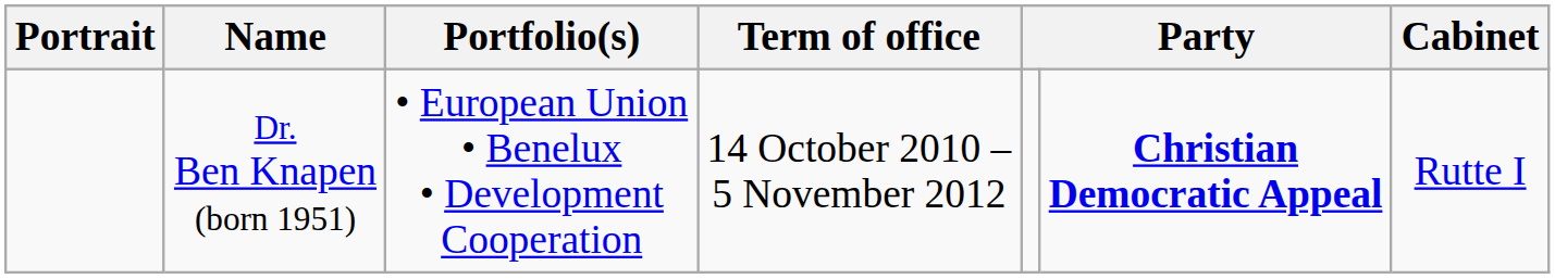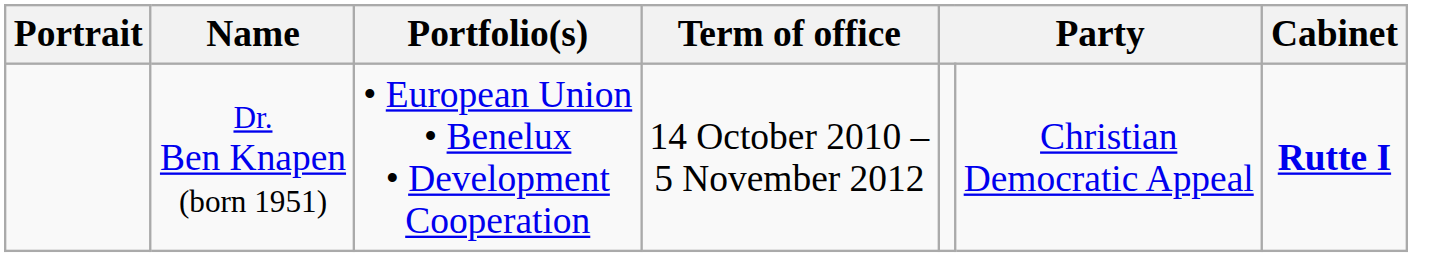 <table class="wikitable" style="text-align:center">
 <tr>
 <th>Portrait</th>
 <th>Name<br></th>
 <th>Portfolio(s)</th>
 <th>Term of office</th>
 <th colspan=2>Party</th>
 <th>Cabinet</th>
 </tr>
 <tr>
 <td></td>
 <td><small><a href='#'>Dr.</a></small> <br> <a href='#'>Ben Knapen</a> <br> <small>(born 1951)</small></td>
 <td>• <a href='#'>European Union</a> <br> • <a href='#'>Benelux</a> <br> • <a href='#'>Development <br> Cooperation</a> <br> </td>
 <td>14 October 2010 – <br> 5 November 2012</td>
 <td style="background:"></td>
-<td><strong><a href='#'>Christian <br> Democratic Appeal</a></strong></td>
-<td><a href='#'>Rutte I</a></td>
+<td><a href='#'>Christian <br> Democratic Appeal</a></td>
+<td><strong><a href='#'>Rutte I</a></strong></td>
 </tr>
 </table>
